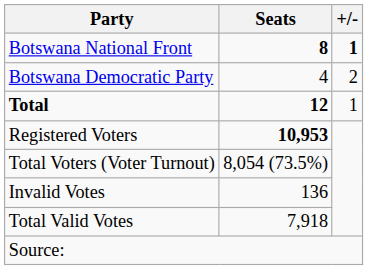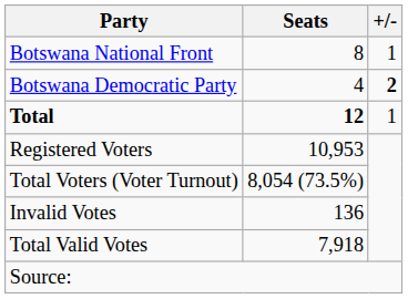 <table class=wikitable style=text-align:right>
 <tr>
 <th>Party</th>
 <th>Seats</th>
 <th>+/-</th>
 </tr>
 <tr>
 <td align=left><a href='#'>Botswana National Front</a></td>
-<td><strong>8</strong></td>
-<td><strong>1</strong></td>
+<td>8</td>
+<td>1</td>
 </tr>
 <tr>
 <td align=left><a href='#'>Botswana Democratic Party</a></td>
 <td>4</td>
-<td>2</td>
+<td><strong>2</strong></td>
 </tr>
 <tr>
 <td align=left><strong>Total</strong></td>
 <td><strong>12</strong></td>
 <td>1</td>
 </tr>
 <tr>
 <td align=left>Registered Voters</td>
-<td><strong>10,953</strong></td>
+<td>10,953</td>
 </tr>
 <tr>
 <td align=left>Total Voters (Voter Turnout)</td>
 <td>8,054 (73.5%)</td>
 </tr>
 <tr>
 <td align=left>Invalid Votes</td>
 <td>136</td>
 </tr>
 <tr>
 <td align=left>Total Valid Votes</td>
 <td>7,918</td>
 </tr>
 <tr>
 <td colspan=4 align=left>Source: </td>
 </tr>
 </table>
